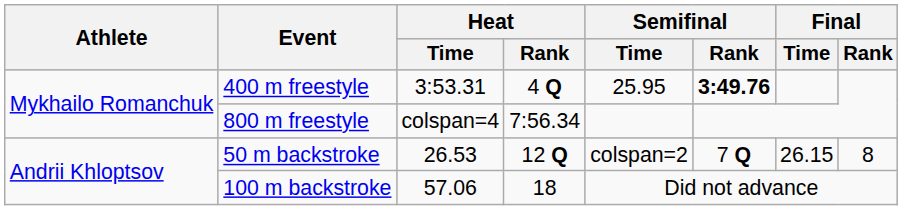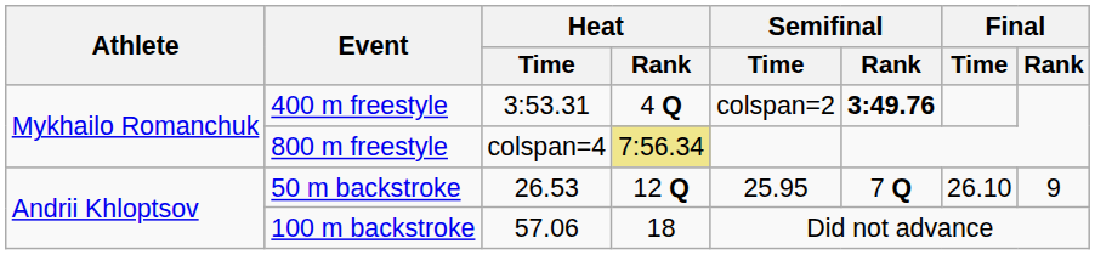 <table class=wikitable style="font-size:90%">
 <tr>
 <th rowspan=2>Athlete</th>
 <th rowspan=2>Event</th>
 <th colspan="2">Heat</th>
 <th colspan="2">Semifinal</th>
 <th colspan="2">Final</th>
 </tr>
 <tr style="font-size:95%">
 <th>Time</th>
 <th>Rank</th>
 <th>Time</th>
 <th>Rank</th>
 <th>Time</th>
 <th>Rank</th>
 </tr>
 <tr align=center>
 <td align=left rowspan=2><a href='#'>Mykhailo Romanchuk</a></td>
 <td align=left><a href='#'>400 m freestyle</a></td>
 <td>3:53.31</td>
 <td>4 <strong>Q</strong></td>
-<td>25.95</td>
+<td>colspan=2 </td>
 <td><strong>3:49.76</strong></td>
 <td></td>
 </tr>
 <tr align=center>
 <td align=left><a href='#'>800 m freestyle</a></td>
 <td>colspan=4 </td>
-<td>7:56.34</td>
+<td style="background: khaki;">7:56.34</td>
 <td></td>
 </tr>
 <tr align=center>
 <td align=left rowspan=2><a href='#'>Andrii Khloptsov</a></td>
 <td align=left><a href='#'>50 m backstroke</a></td>
 <td>26.53</td>
 <td>12 <strong>Q</strong></td>
-<td>colspan=2 </td>
+<td>25.95</td>
 <td>7 <strong>Q</strong></td>
-<td>26.15</td>
-<td>8</td>
+<td>26.10</td>
+<td>9</td>
 </tr>
 <tr align=center>
 <td align=left><a href='#'>100 m backstroke</a></td>
 <td>57.06</td>
 <td>18</td>
 <td colspan=4>Did not advance</td>
 </tr>
 </table>
